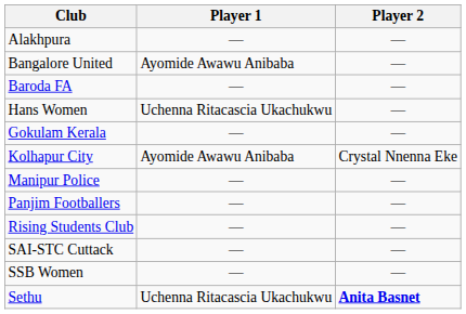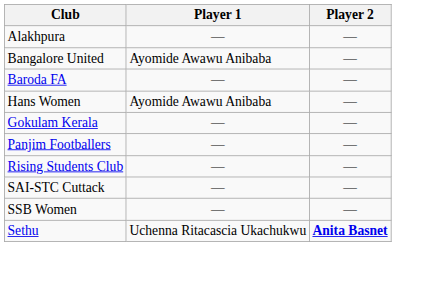 <table class="sortable wikitable" style="text-align: left">
 <tr>
 <th style="text-align:center;">Club</th>
 <th style="text-align:center;">Player 1</th>
 <th style="text-align:center;">Player 2</th>
 </tr>
 <tr>
 <td>Alakhpura</td>
 <td style="text-align: center;">—</td>
 <td style="text-align: center;">—</td>
 </tr>
 <tr>
 <td>Bangalore United</td>
 <td> Ayomide Awawu Anibaba</td>
 <td style="text-align: center;">—</td>
 </tr>
 <tr>
 <td><a href='#'>Baroda FA</a></td>
 <td style="text-align: center;">—</td>
 <td style="text-align: center;">—</td>
 </tr>
 <tr>
 <td>Hans Women</td>
-<td> Uchenna Ritacascia Ukachukwu</td>
+<td> Ayomide Awawu Anibaba</td>
 <td style="text-align: center;">—</td>
 </tr>
 <tr>
 <td><a href='#'>Gokulam Kerala</a></td>
-<td style="text-align: center;">—</td>
-<td style="text-align: center;">—</td>
-</tr>
-<tr>
-<td><a href='#'>Kolhapur City</a></td>
-<td> Ayomide Awawu Anibaba</td>
-<td> Crystal Nnenna Eke</td>
-</tr>
-<tr>
-<td><a href='#'>Manipur Police</a></td>
 <td style="text-align: center;">—</td>
 <td style="text-align: center;">—</td>
 </tr>
 <tr>
 <td><a href='#'>Panjim Footballers</a></td>
 <td style="text-align: center;">—</td>
 <td style="text-align: center;">—</td>
 </tr>
 <tr>
 <td><a href='#'>Rising Students Club</a></td>
 <td style="text-align: center;">—</td>
 <td style="text-align: center;">—</td>
 </tr>
 <tr>
 <td>SAI-STC Cuttack</td>
 <td style="text-align: center;">—</td>
 <td style="text-align: center;">—</td>
 </tr>
 <tr>
 <td>SSB Women</td>
 <td style="text-align: center;">—</td>
 <td style="text-align: center;">—</td>
 </tr>
 <tr>
 <td><a href='#'>Sethu</a></td>
 <td> Uchenna Ritacascia Ukachukwu</td>
 <td><strong> <a href='#'>Anita Basnet</a></strong></td>
 </tr>
 </table>
